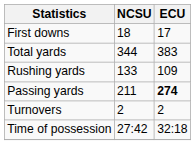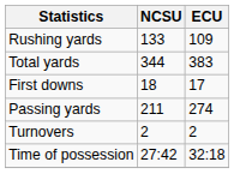 <table class="wikitable">
 <tr>
 <th>Statistics</th>
 <th>NCSU</th>
 <th>ECU</th>
 </tr>
 <tr>
-<td>First downs</td>
-<td>18</td>
-<td>17</td>
+<td>Rushing yards</td>
+<td>133</td>
+<td>109</td>
 </tr>
 <tr>
 <td>Total yards</td>
 <td>344</td>
 <td>383</td>
 </tr>
 <tr>
-<td>Rushing yards</td>
-<td>133</td>
-<td>109</td>
+<td>First downs</td>
+<td>18</td>
+<td>17</td>
 </tr>
 <tr>
 <td>Passing yards</td>
 <td>211</td>
-<td><strong>274</strong></td>
+<td>274</td>
 </tr>
 <tr>
 <td>Turnovers</td>
 <td>2</td>
 <td>2</td>
 </tr>
 <tr>
 <td>Time of possession</td>
 <td>27:42</td>
 <td>32:18</td>
 </tr>
 <tr>
 </tr>
 </table>
